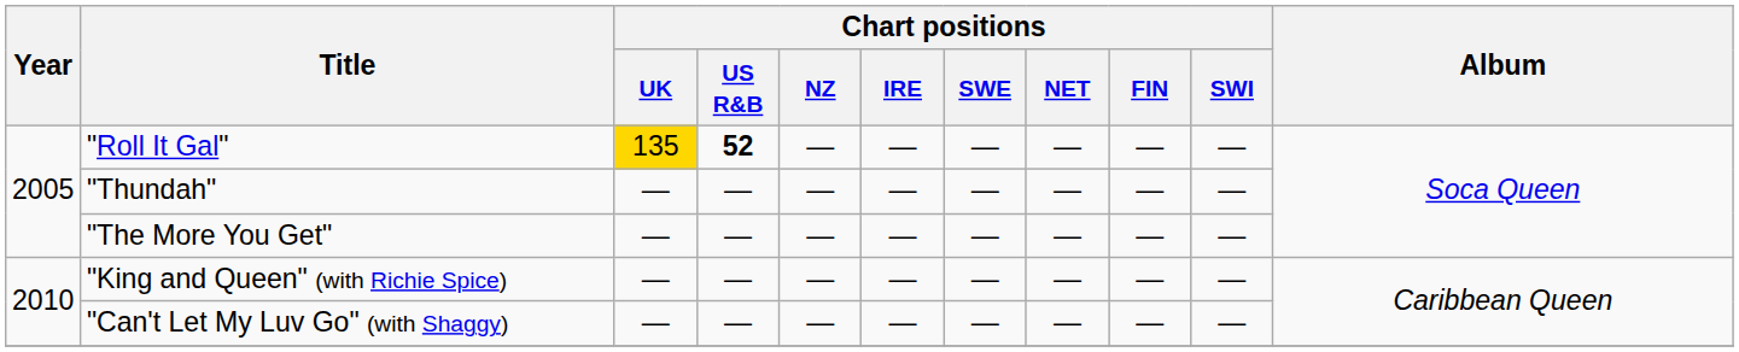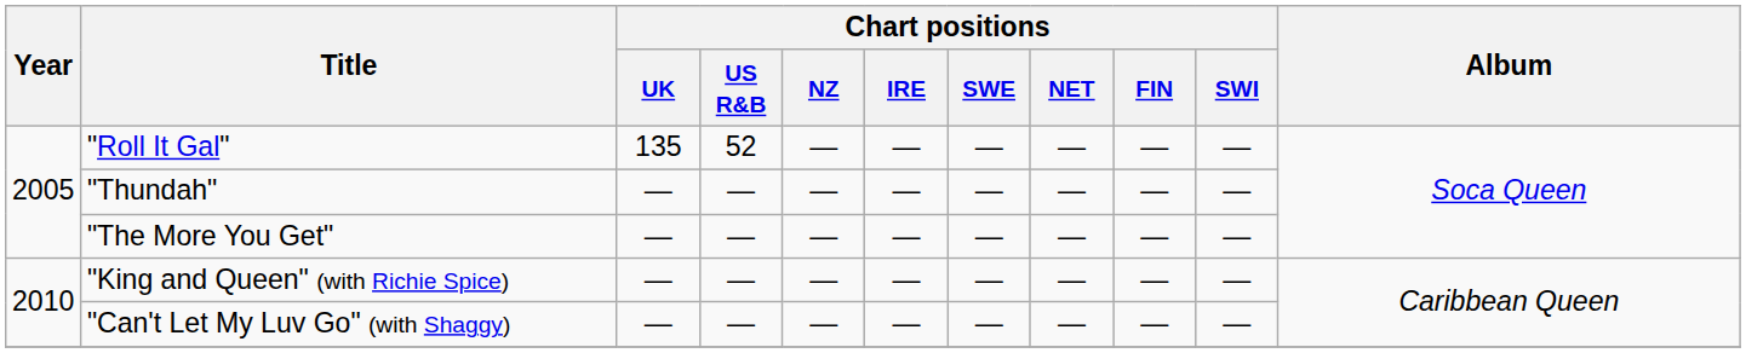 <table class="wikitable">
 <tr>
 <th width="28" rowspan="2"><strong>Year</strong></th>
 <th width="300" rowspan="2"><strong>Title</strong></th>
 <th colspan="8"><strong>Chart positions</strong></th>
 <th width="257" rowspan="2"><strong>Album</strong></th>
 </tr>
 <tr>
 <th width="40"><small><a href='#'>UK</a></small></th>
 <th width="40"><small><a href='#'>US<br>R&B</a></small></th>
 <th width="40"><small><a href='#'>NZ</a></small></th>
 <th width="40"><small><a href='#'>IRE</a></small></th>
 <th width="40"><small><a href='#'>SWE</a></small></th>
 <th width="40"><small><a href='#'>NET</a></small></th>
 <th width="40"><small><a href='#'>FIN</a></small></th>
 <th width="40"><small><a href='#'>SWI</a></small></th>
 </tr>
 <tr>
 <td align="left" rowspan="3">2005</td>
 <td>"<a href='#'>Roll It Gal</a>"</td>
-<td style="background: gold; text-align:center;">135</td>
-<td style="text-align:center;"><strong>52</strong></td>
+<td style="text-align:center;">135</td>
+<td style="text-align:center;">52</td>
 <td style="text-align:center;">—</td>
 <td style="text-align:center;">—</td>
 <td style="text-align:center;">—</td>
 <td style="text-align:center;">—</td>
 <td style="text-align:center;">—</td>
 <td style="text-align:center;">—</td>
 <td align="center" rowspan="3"><em><a href='#'>Soca Queen</a></em></td>
 </tr>
 <tr>
 <td>"Thundah"</td>
 <td style="text-align:center;">—</td>
 <td style="text-align:center;">—</td>
 <td style="text-align:center;">—</td>
 <td style="text-align:center;">—</td>
 <td style="text-align:center;">—</td>
 <td style="text-align:center;">—</td>
 <td style="text-align:center;">—</td>
 <td style="text-align:center;">—</td>
 </tr>
 <tr>
 <td>"The More You Get"</td>
 <td style="text-align:center;">—</td>
 <td style="text-align:center;">—</td>
 <td style="text-align:center;">—</td>
 <td style="text-align:center;">—</td>
 <td style="text-align:center;">—</td>
 <td style="text-align:center;">—</td>
 <td style="text-align:center;">—</td>
 <td style="text-align:center;">—</td>
 </tr>
 <tr>
 <td align="left" rowspan="2">2010</td>
 <td>"King and Queen" <small>(with <a href='#'>Richie Spice</a>)</small></td>
 <td style="text-align:center;">—</td>
 <td style="text-align:center;">—</td>
 <td style="text-align:center;">—</td>
 <td style="text-align:center;">—</td>
 <td style="text-align:center;">—</td>
 <td style="text-align:center;">—</td>
 <td style="text-align:center;">—</td>
 <td style="text-align:center;">—</td>
 <td align="center" rowspan="2"><em>Caribbean Queen</em></td>
 </tr>
 <tr>
 <td>"Can't Let My Luv Go" <small>(with <a href='#'>Shaggy</a>)</small></td>
 <td style="text-align:center;">—</td>
 <td style="text-align:center;">—</td>
 <td style="text-align:center;">—</td>
 <td style="text-align:center;">—</td>
 <td style="text-align:center;">—</td>
 <td style="text-align:center;">—</td>
 <td style="text-align:center;">—</td>
 <td style="text-align:center;">—</td>
 </tr>
 <tr>
 </tr>
 </table>
